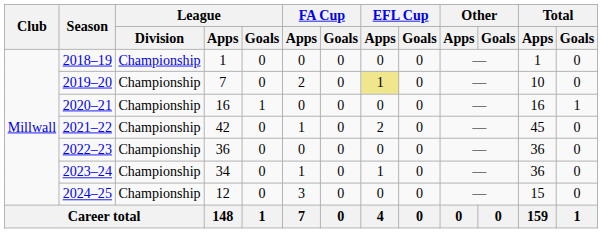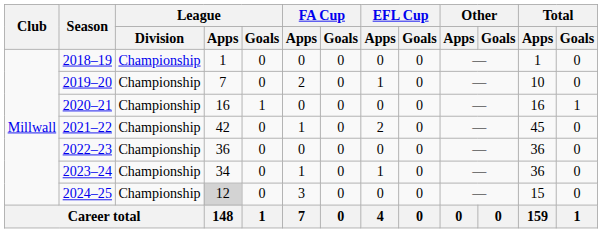 <table class="wikitable" style="text-align:center">
 <tr>
 <th rowspan="2">Club</th>
 <th rowspan="2">Season</th>
 <th colspan="3">League</th>
 <th colspan="2"><a href='#'>FA Cup</a></th>
 <th colspan="2"><a href='#'>EFL Cup</a></th>
 <th colspan="2">Other</th>
 <th colspan="2">Total</th>
 </tr>
 <tr>
 <th>Division</th>
 <th>Apps</th>
 <th>Goals</th>
 <th>Apps</th>
 <th>Goals</th>
 <th>Apps</th>
 <th>Goals</th>
 <th>Apps</th>
 <th>Goals</th>
 <th>Apps</th>
 <th>Goals</th>
 </tr>
 <tr>
 <td rowspan="7"><a href='#'>Millwall</a></td>
 <td><a href='#'>2018–19</a></td>
 <td><a href='#'>Championship</a></td>
 <td>1</td>
 <td>0</td>
 <td>0</td>
 <td>0</td>
 <td>0</td>
 <td>0</td>
 <td colspan="2">—</td>
 <td>1</td>
 <td>0</td>
 </tr>
 <tr>
 <td><a href='#'>2019–20</a></td>
 <td>Championship</td>
 <td>7</td>
 <td>0</td>
 <td>2</td>
 <td>0</td>
-<td style="background: khaki;">1</td>
+<td>1</td>
 <td>0</td>
 <td colspan="2">—</td>
 <td>10</td>
 <td>0</td>
 </tr>
 <tr>
 <td><a href='#'>2020–21</a></td>
 <td>Championship</td>
 <td>16</td>
 <td>1</td>
 <td>0</td>
 <td>0</td>
 <td>0</td>
 <td>0</td>
 <td colspan="2">—</td>
 <td>16</td>
 <td>1</td>
 </tr>
 <tr>
 <td><a href='#'>2021–22</a></td>
 <td>Championship</td>
 <td>42</td>
 <td>0</td>
 <td>1</td>
 <td>0</td>
 <td>2</td>
 <td>0</td>
 <td colspan="2">—</td>
 <td>45</td>
 <td>0</td>
 </tr>
 <tr>
 <td><a href='#'>2022–23</a></td>
 <td>Championship</td>
 <td>36</td>
 <td>0</td>
 <td>0</td>
 <td>0</td>
 <td>0</td>
 <td>0</td>
 <td colspan="2">—</td>
 <td>36</td>
 <td>0</td>
 </tr>
 <tr>
 <td><a href='#'>2023–24</a></td>
 <td>Championship</td>
 <td>34</td>
 <td>0</td>
 <td>1</td>
 <td>0</td>
 <td>1</td>
 <td>0</td>
 <td colspan="2">—</td>
 <td>36</td>
 <td>0</td>
 </tr>
 <tr>
 <td><a href='#'>2024–25</a></td>
 <td>Championship</td>
-<td>12</td>
+<td style="background: lightgrey;">12</td>
 <td>0</td>
 <td>3</td>
 <td>0</td>
 <td>0</td>
 <td>0</td>
 <td colspan="2">—</td>
 <td>15</td>
 <td>0</td>
 </tr>
 <tr>
 <th colspan="3">Career total</th>
 <th>148</th>
 <th>1</th>
 <th>7</th>
 <th>0</th>
 <th>4</th>
 <th>0</th>
 <th>0</th>
 <th>0</th>
 <th>159</th>
 <th>1</th>
 </tr>
 </table>
